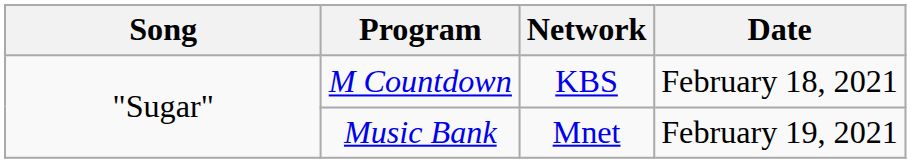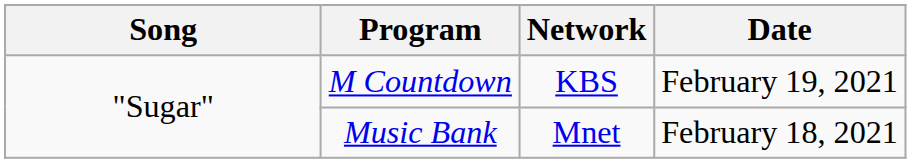 <table class="wikitable" style="text-align:center">
 <tr>
 <th width="150">Song</th>
 <th>Program</th>
 <th>Network</th>
 <th>Date</th>
 </tr>
 <tr>
 <td rowspan="2">"Sugar"</td>
 <td><em><a href='#'>M Countdown</a></em></td>
 <td><a href='#'>KBS</a></td>
-<td>February 18, 2021</td>
+<td>February 19, 2021</td>
 </tr>
 <tr>
 <td><em><a href='#'>Music Bank</a></em></td>
 <td><a href='#'>Mnet</a></td>
-<td>February 19, 2021</td>
+<td>February 18, 2021</td>
 </tr>
 </table>
